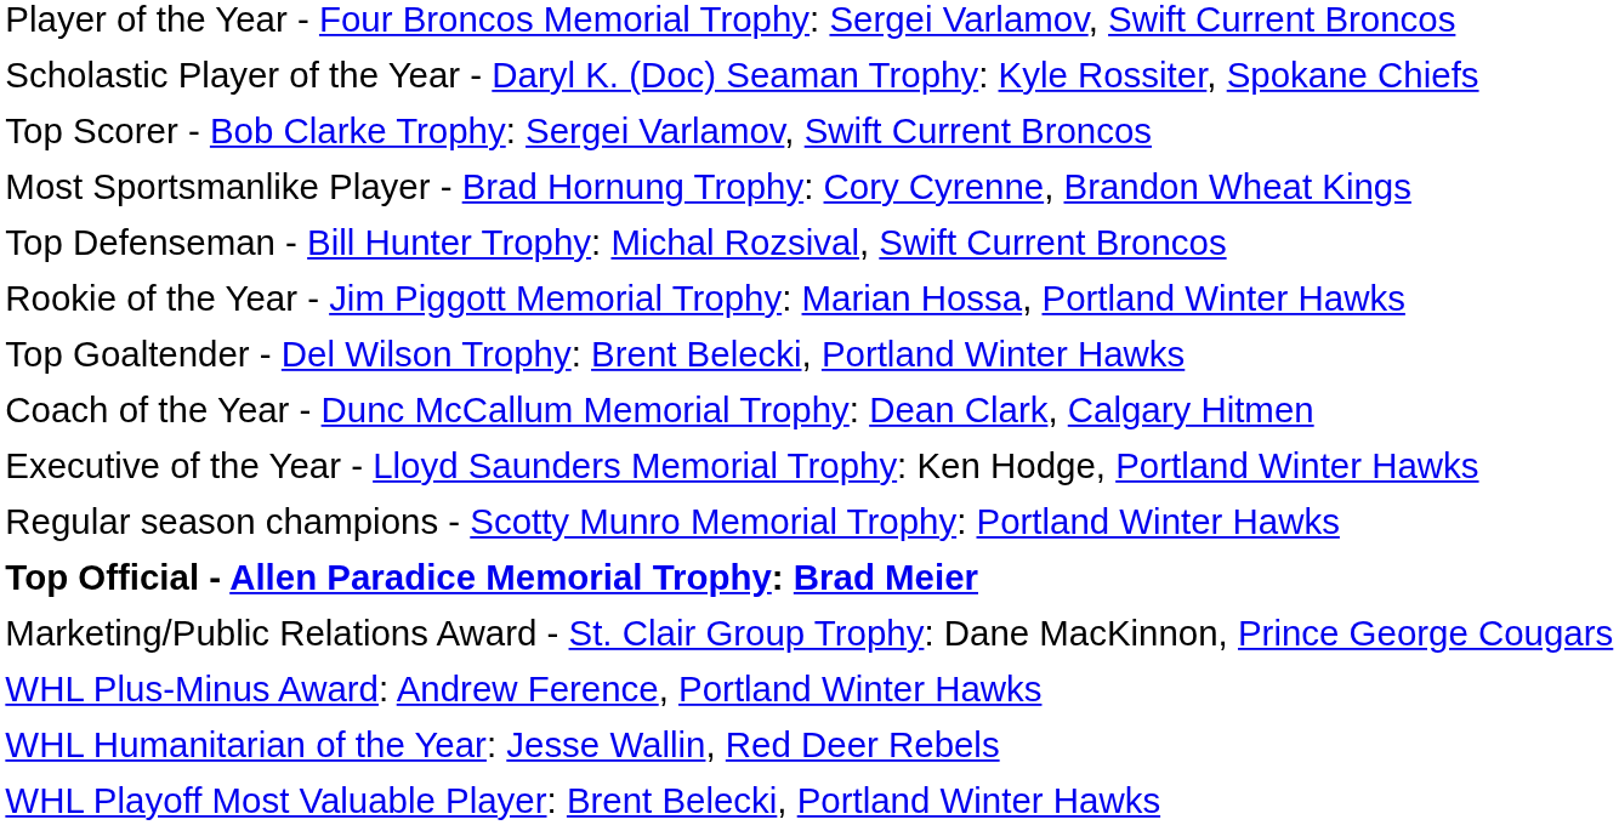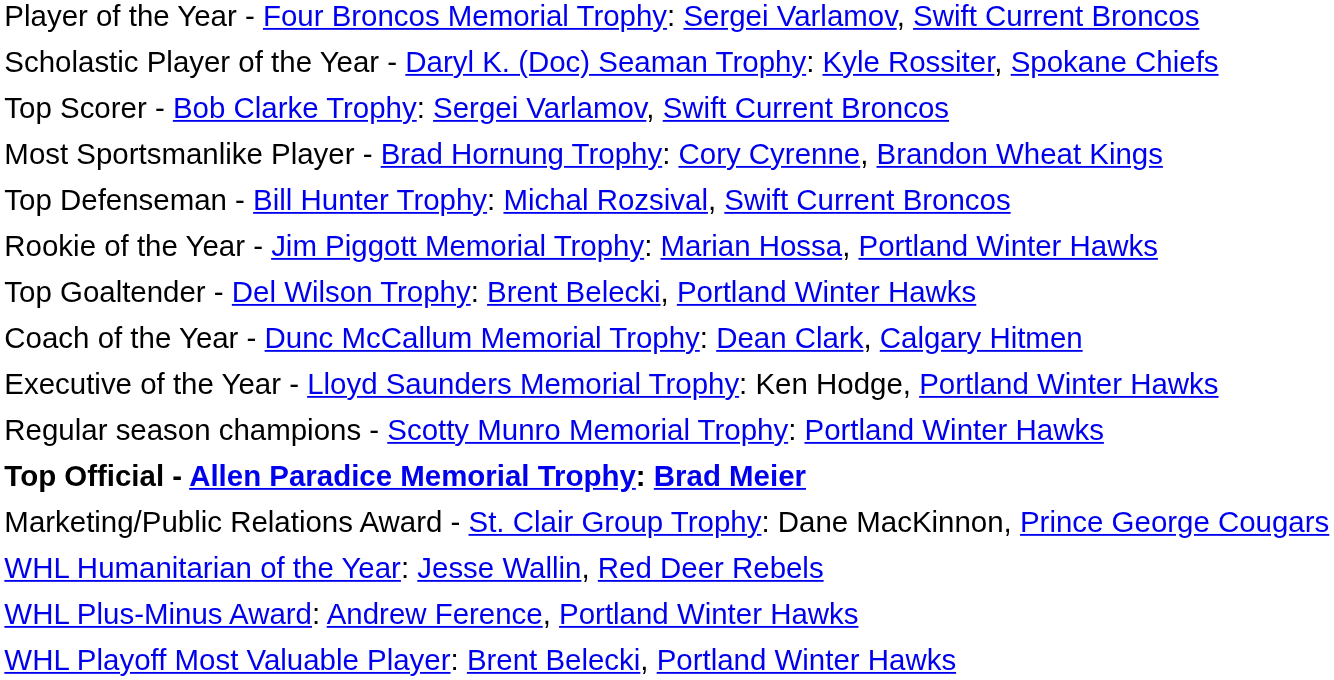 <table cellpadding="3" cellspacing="1">
 <tr>
 <td>Player of the Year - <a href='#'>Four Broncos Memorial Trophy</a>: <a href='#'>Sergei Varlamov</a>, <a href='#'>Swift Current Broncos</a></td>
 </tr>
 <tr>
 <td>Scholastic Player of the Year - <a href='#'>Daryl K. (Doc) Seaman Trophy</a>: <a href='#'>Kyle Rossiter</a>, <a href='#'>Spokane Chiefs</a></td>
 </tr>
 <tr>
 <td>Top Scorer - <a href='#'>Bob Clarke Trophy</a>: <a href='#'>Sergei Varlamov</a>, <a href='#'>Swift Current Broncos</a></td>
 </tr>
 <tr>
 <td>Most Sportsmanlike Player - <a href='#'>Brad Hornung Trophy</a>: <a href='#'>Cory Cyrenne</a>, <a href='#'>Brandon Wheat Kings</a></td>
 </tr>
 <tr>
 <td>Top Defenseman - <a href='#'>Bill Hunter Trophy</a>: <a href='#'>Michal Rozsival</a>, <a href='#'>Swift Current Broncos</a></td>
 </tr>
 <tr>
 <td>Rookie of the Year - <a href='#'>Jim Piggott Memorial Trophy</a>: <a href='#'>Marian Hossa</a>, <a href='#'>Portland Winter Hawks</a></td>
 </tr>
 <tr>
 <td>Top Goaltender - <a href='#'>Del Wilson Trophy</a>: <a href='#'>Brent Belecki</a>, <a href='#'>Portland Winter Hawks</a></td>
 </tr>
 <tr>
 <td>Coach of the Year - <a href='#'>Dunc McCallum Memorial Trophy</a>: <a href='#'>Dean Clark</a>, <a href='#'>Calgary Hitmen</a></td>
 </tr>
 <tr>
 <td>Executive of the Year - <a href='#'>Lloyd Saunders Memorial Trophy</a>: Ken Hodge, <a href='#'>Portland Winter Hawks</a></td>
 </tr>
 <tr>
 <td>Regular season champions - <a href='#'>Scotty Munro Memorial Trophy</a>: <a href='#'>Portland Winter Hawks</a></td>
 </tr>
 <tr>
 <td><strong>Top Official - <a href='#'>Allen Paradice Memorial Trophy</a>: <a href='#'>Brad Meier</a></strong></td>
 </tr>
 <tr>
 <td>Marketing/Public Relations Award - <a href='#'>St. Clair Group Trophy</a>: Dane MacKinnon, <a href='#'>Prince George Cougars</a></td>
 </tr>
 <tr>
-<td><a href='#'>WHL Plus-Minus Award</a>: <a href='#'>Andrew Ference</a>, <a href='#'>Portland Winter Hawks</a></td>
+<td><a href='#'>WHL Humanitarian of the Year</a>: <a href='#'>Jesse Wallin</a>, <a href='#'>Red Deer Rebels</a></td>
 </tr>
 <tr>
-<td><a href='#'>WHL Humanitarian of the Year</a>: <a href='#'>Jesse Wallin</a>, <a href='#'>Red Deer Rebels</a></td>
+<td><a href='#'>WHL Plus-Minus Award</a>: <a href='#'>Andrew Ference</a>, <a href='#'>Portland Winter Hawks</a></td>
 </tr>
 <tr>
 <td><a href='#'>WHL Playoff Most Valuable Player</a>: <a href='#'>Brent Belecki</a>, <a href='#'>Portland Winter Hawks</a></td>
 </tr>
 </table>
